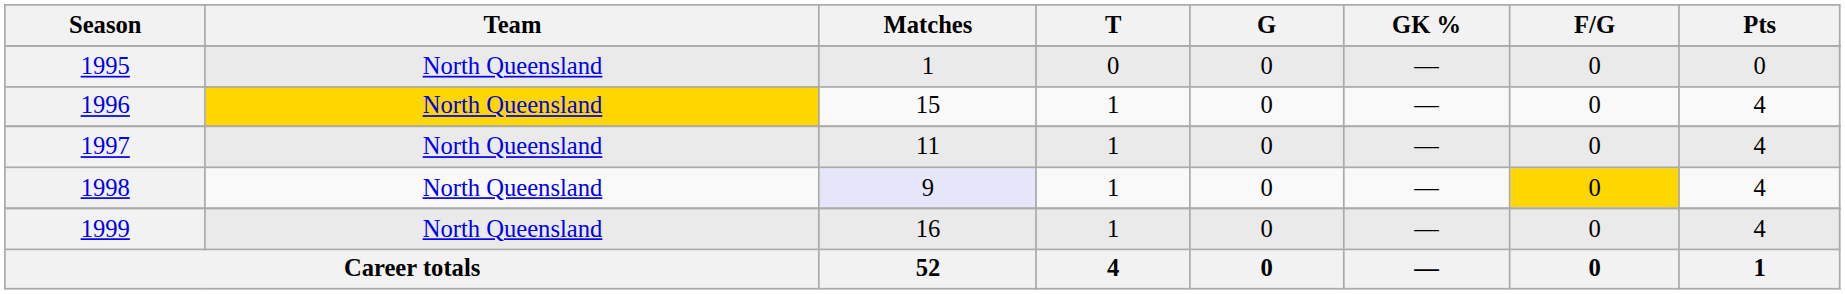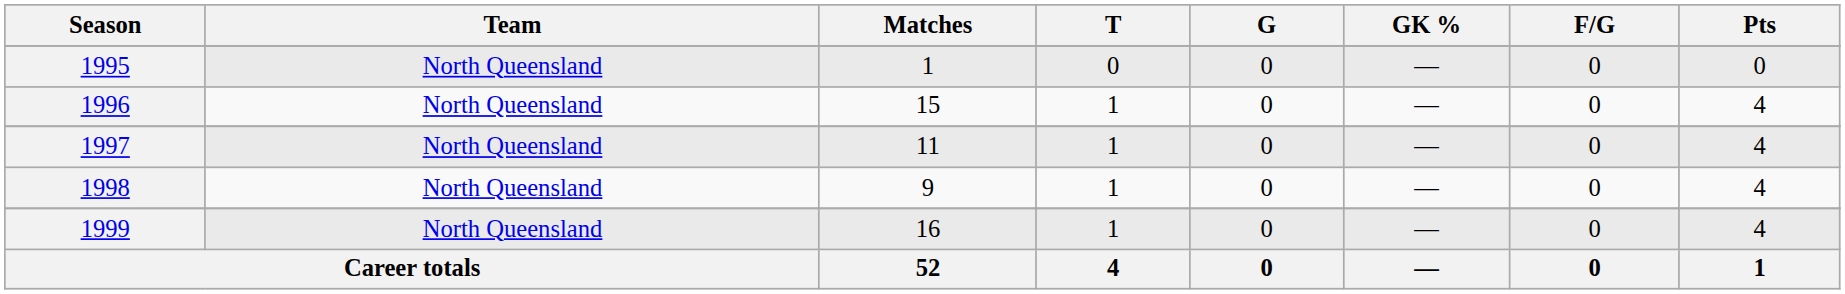 <table class="wikitable sortable"  style="font-size:90%; text-align:center; width:85%;">
 <tr>
 <th width=2%>Season</th>
 <th width=8%>Team</th>
 <th width=2%>Matches</th>
 <th width=2%>T</th>
 <th width=2%>G</th>
 <th width=2%>GK %</th>
 <th width=2%>F/G</th>
 <th width=2%>Pts</th>
 </tr>
 <tr>
 </tr>
 <tr style="background-color: #EAEAEA">
 <th scope="row" style="text-align:center; font-weight:normal"><a href='#'>1995</a></th>
 <td style="text-align:center;"> <a href='#'>North Queensland</a></td>
 <td>1</td>
 <td>0</td>
 <td>0</td>
 <td>—</td>
 <td>0</td>
 <td>0</td>
 </tr>
 <tr>
 <th scope="row" style="text-align:center; font-weight:normal"><a href='#'>1996</a></th>
-<td style="background: gold; text-align:center;"> <a href='#'>North Queensland</a></td>
+<td style="text-align:center;"> <a href='#'>North Queensland</a></td>
 <td>15</td>
 <td>1</td>
 <td>0</td>
 <td>—</td>
 <td>0</td>
 <td>4</td>
 </tr>
 <tr>
 </tr>
 <tr style="background-color: #EAEAEA">
 <th scope="row" style="text-align:center; font-weight:normal"><a href='#'>1997</a></th>
 <td style="text-align:center;"> <a href='#'>North Queensland</a></td>
 <td>11</td>
 <td>1</td>
 <td>0</td>
 <td>—</td>
 <td>0</td>
 <td>4</td>
 </tr>
 <tr>
 <th scope="row" style="text-align:center; font-weight:normal"><a href='#'>1998</a></th>
 <td style="text-align:center;"> <a href='#'>North Queensland</a></td>
-<td style="background: lavender;">9</td>
+<td>9</td>
 <td>1</td>
 <td>0</td>
 <td>—</td>
-<td style="background: gold;">0</td>
+<td>0</td>
 <td>4</td>
 </tr>
 <tr>
 </tr>
 <tr style="background-color: #EAEAEA">
 <th scope="row" style="text-align:center; font-weight:normal"><a href='#'>1999</a></th>
 <td style="text-align:center;"> <a href='#'>North Queensland</a></td>
 <td>16</td>
 <td>1</td>
 <td>0</td>
 <td>—</td>
 <td>0</td>
 <td>4</td>
 </tr>
 <tr class="sortbottom">
 <th colspan=2>Career totals</th>
 <th>52</th>
 <th>4</th>
 <th>0</th>
 <th>—</th>
 <th>0</th>
 <th>1</th>
 </tr>
 </table>
